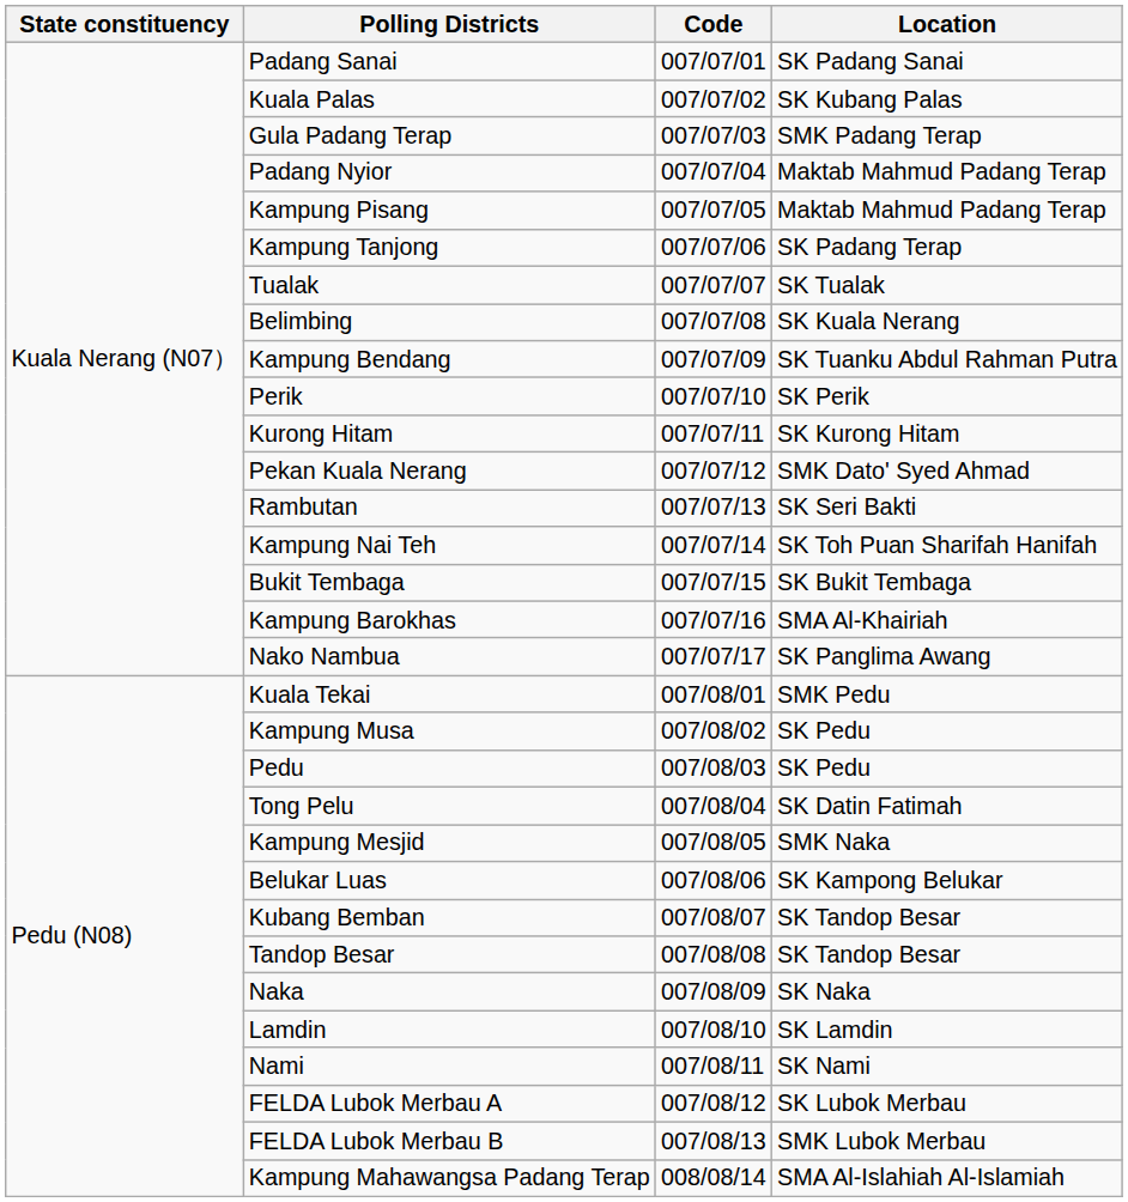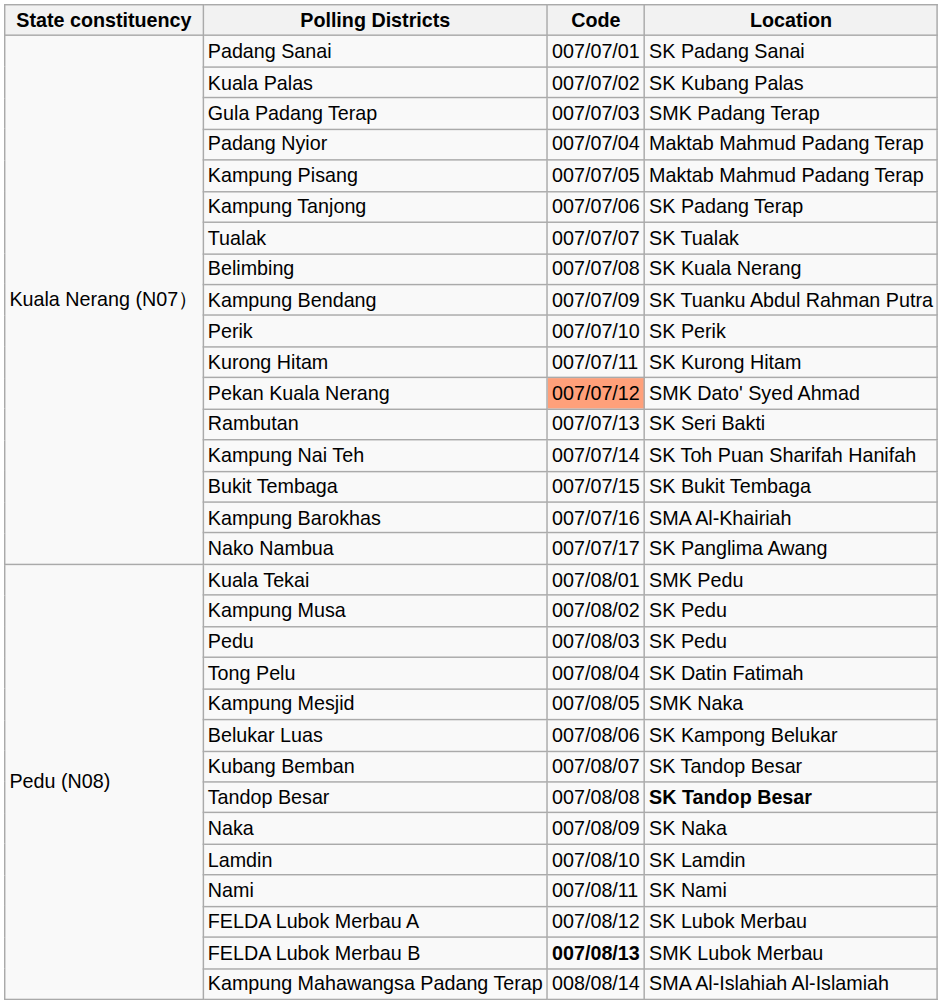 <table class="wikitable sortable mw-collapsible" style="white-space:nowrap;font-size:85%">
 <tr>
 <th>State constituency</th>
 <th>Polling Districts</th>
 <th>Code</th>
 <th>Location</th>
 </tr>
 <tr>
 <td rowspan="17">Kuala Nerang (N07）</td>
 <td>Padang Sanai</td>
 <td>007/07/01</td>
 <td>SK Padang Sanai</td>
 </tr>
 <tr>
 <td>Kuala Palas</td>
 <td>007/07/02</td>
 <td>SK Kubang Palas</td>
 </tr>
 <tr>
 <td>Gula Padang Terap</td>
 <td>007/07/03</td>
 <td>SMK Padang Terap</td>
 </tr>
 <tr>
 <td>Padang Nyior</td>
 <td>007/07/04</td>
 <td>Maktab Mahmud Padang Terap</td>
 </tr>
 <tr>
 <td>Kampung Pisang</td>
 <td>007/07/05</td>
 <td>Maktab Mahmud Padang Terap</td>
 </tr>
 <tr>
 <td>Kampung Tanjong</td>
 <td>007/07/06</td>
 <td>SK Padang Terap</td>
 </tr>
 <tr>
 <td>Tualak</td>
 <td>007/07/07</td>
 <td>SK Tualak</td>
 </tr>
 <tr>
 <td>Belimbing</td>
 <td>007/07/08</td>
 <td>SK Kuala Nerang</td>
 </tr>
 <tr>
 <td>Kampung Bendang</td>
 <td>007/07/09</td>
 <td>SK Tuanku Abdul Rahman Putra</td>
 </tr>
 <tr>
 <td>Perik</td>
 <td>007/07/10</td>
 <td>SK Perik</td>
 </tr>
 <tr>
 <td>Kurong Hitam</td>
 <td>007/07/11</td>
 <td>SK Kurong Hitam</td>
 </tr>
 <tr>
 <td>Pekan Kuala Nerang</td>
-<td>007/07/12</td>
+<td style="background: lightsalmon;">007/07/12</td>
 <td>SMK Dato' Syed Ahmad</td>
 </tr>
 <tr>
 <td>Rambutan</td>
 <td>007/07/13</td>
 <td>SK Seri Bakti</td>
 </tr>
 <tr>
 <td>Kampung Nai Teh</td>
 <td>007/07/14</td>
 <td>SK Toh Puan Sharifah Hanifah</td>
 </tr>
 <tr>
 <td>Bukit Tembaga</td>
 <td>007/07/15</td>
 <td>SK Bukit Tembaga</td>
 </tr>
 <tr>
 <td>Kampung Barokhas</td>
 <td>007/07/16</td>
 <td>SMA Al-Khairiah</td>
 </tr>
 <tr>
 <td>Nako Nambua</td>
 <td>007/07/17</td>
 <td>SK Panglima Awang</td>
 </tr>
 <tr>
 <td rowspan="14">Pedu (N08)</td>
 <td>Kuala Tekai</td>
 <td>007/08/01</td>
 <td>SMK Pedu</td>
 </tr>
 <tr>
 <td>Kampung Musa</td>
 <td>007/08/02</td>
 <td>SK Pedu</td>
 </tr>
 <tr>
 <td>Pedu</td>
 <td>007/08/03</td>
 <td>SK Pedu</td>
 </tr>
 <tr>
 <td>Tong Pelu</td>
 <td>007/08/04</td>
 <td>SK Datin Fatimah</td>
 </tr>
 <tr>
 <td>Kampung Mesjid</td>
 <td>007/08/05</td>
 <td>SMK Naka</td>
 </tr>
 <tr>
 <td>Belukar Luas</td>
 <td>007/08/06</td>
 <td>SK Kampong Belukar</td>
 </tr>
 <tr>
 <td>Kubang Bemban</td>
 <td>007/08/07</td>
 <td>SK Tandop Besar</td>
 </tr>
 <tr>
 <td>Tandop Besar</td>
 <td>007/08/08</td>
-<td>SK Tandop Besar</td>
+<td><strong>SK Tandop Besar</strong></td>
 </tr>
 <tr>
 <td>Naka</td>
 <td>007/08/09</td>
 <td>SK Naka</td>
 </tr>
 <tr>
 <td>Lamdin</td>
 <td>007/08/10</td>
 <td>SK Lamdin</td>
 </tr>
 <tr>
 <td>Nami</td>
 <td>007/08/11</td>
 <td>SK Nami</td>
 </tr>
 <tr>
 <td>FELDA Lubok Merbau A</td>
 <td>007/08/12</td>
 <td>SK Lubok Merbau</td>
 </tr>
 <tr>
 <td>FELDA Lubok Merbau B</td>
-<td>007/08/13</td>
+<td><strong>007/08/13</strong></td>
 <td>SMK Lubok Merbau</td>
 </tr>
 <tr>
 <td>Kampung Mahawangsa Padang Terap</td>
 <td>008/08/14</td>
 <td>SMA Al-Islahiah Al-Islamiah</td>
 </tr>
 </table>
